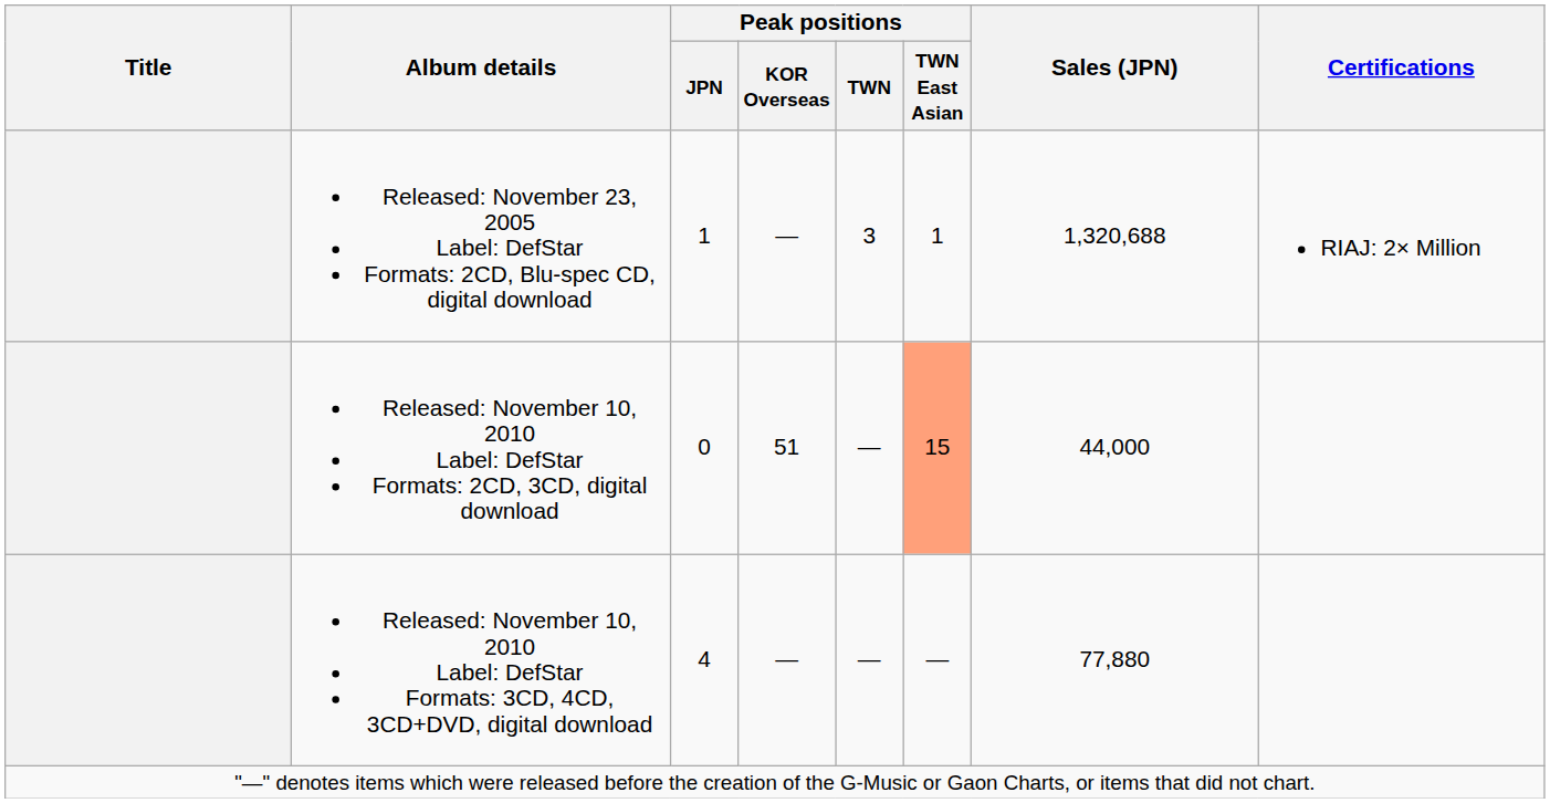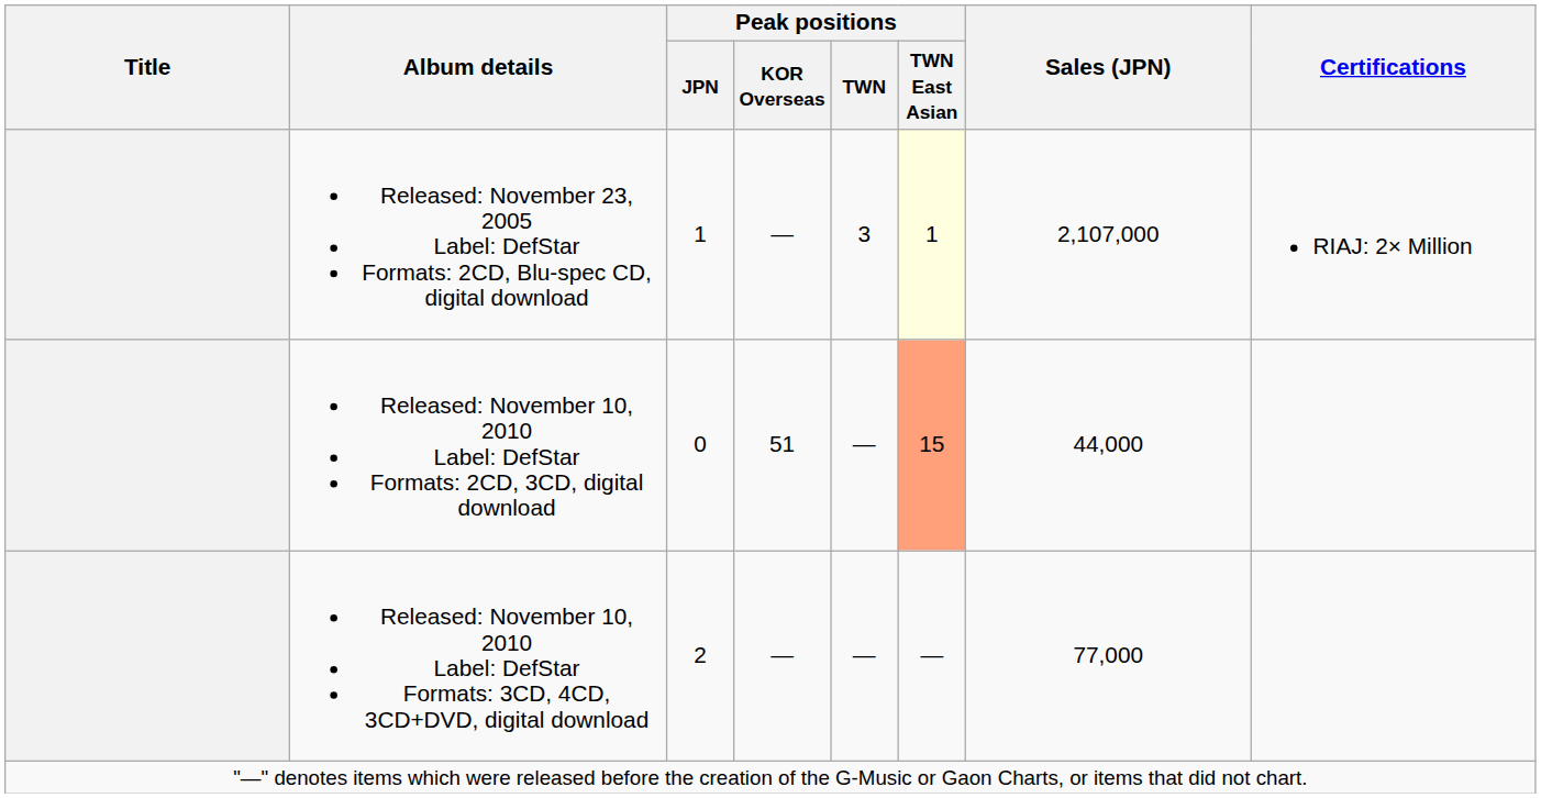 <table class="wikitable plainrowheaders" style="text-align:center;">
 <tr>
 <th style="width:12em;" rowspan="2">Title</th>
 <th style="width:16em;" rowspan="2">Album details</th>
 <th colspan="4">Peak positions</th>
 <th style="width:12em;" rowspan="2">Sales (JPN)</th>
 <th style="width:12em;" rowspan="2"><a href='#'>Certifications</a></th>
 </tr>
 <tr>
 <th style="width:2.5em;"><small>JPN</small><br></th>
 <th style="width:2.5em;"><small>KOR<br>Overseas</small><br></th>
 <th style="width:2.5em;"><small>TWN</small><br></th>
 <th style="width:2.5em;"><small>TWN East Asian</small><br></th>
 </tr>
 <tr>
 <th scope="row"></th>
 <td><br><ul><li>Released: November 23, 2005</li><li>Label: DefStar</li><li>Formats: 2CD, Blu-spec CD, digital download</li></ul></td>
 <td>1</td>
 <td>—</td>
 <td>3</td>
-<td>1</td>
-<td>1,320,688</td>
+<td style="background: lightyellow;">1</td>
+<td>2,107,000</td>
 <td align="left"><br><ul><li>RIAJ: 2× Million</li></ul></td>
 </tr>
 <tr>
 <th scope="row"></th>
 <td><br><ul><li>Released: November 10, 2010</li><li>Label: DefStar</li><li>Formats: 2CD, 3CD, digital download</li></ul></td>
 <td>0</td>
 <td>51</td>
 <td>—</td>
 <td style="background: lightsalmon;">15</td>
 <td>44,000</td>
 <td align="left"></td>
 </tr>
 <tr>
 <th scope="row"></th>
 <td><br><ul><li>Released: November 10, 2010</li><li>Label: DefStar</li><li>Formats: 3CD, 4CD, 3CD+DVD, digital download</li></ul></td>
-<td>4</td>
+<td>2</td>
 <td>—</td>
 <td>—</td>
 <td>—</td>
-<td>77,880</td>
+<td>77,000</td>
 <td align="left"></td>
 </tr>
 <tr>
 <td colspan="12" align="center" style="font-size:90%;">"—" denotes items which were released before the creation of the G-Music or Gaon Charts, or items that did not chart.</td>
 </tr>
 </table>
